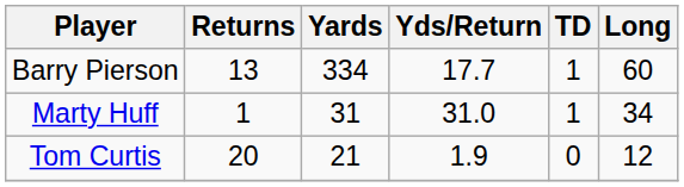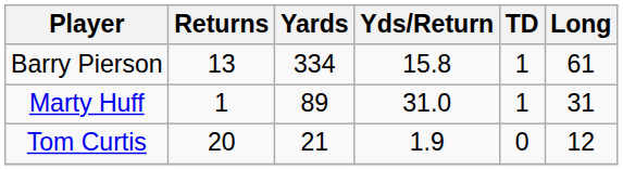 <table class="wikitable" style="text-align:center">
 <tr>
 <th>Player</th>
 <th>Returns</th>
 <th>Yards</th>
 <th>Yds/Return</th>
 <th>TD</th>
 <th>Long</th>
 </tr>
 <tr>
 <td>Barry Pierson</td>
 <td>13</td>
 <td>334</td>
-<td>17.7</td>
+<td>15.8</td>
 <td>1</td>
-<td>60</td>
+<td>61</td>
 </tr>
 <tr>
 <td><a href='#'>Marty Huff</a></td>
 <td>1</td>
-<td>31</td>
+<td>89</td>
 <td>31.0</td>
 <td>1</td>
-<td>34</td>
+<td>31</td>
 </tr>
 <tr>
 <td><a href='#'>Tom Curtis</a></td>
 <td>20</td>
 <td>21</td>
 <td>1.9</td>
 <td>0</td>
 <td>12</td>
 </tr>
 <tr>
 </tr>
 </table>
